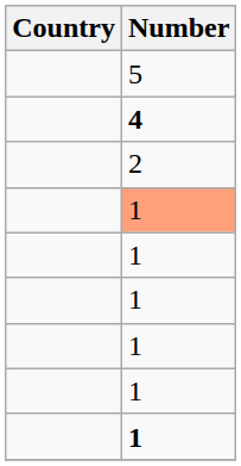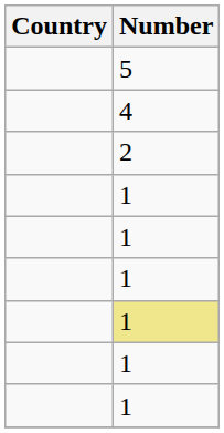 <table class="wikitable sortable">
 <tr>
 <th>Country</th>
 <th>Number</th>
 </tr>
 <tr>
 <td></td>
 <td>5</td>
 </tr>
 <tr>
 <td></td>
-<td><strong>4</strong></td>
+<td>4</td>
 </tr>
 <tr>
 <td></td>
 <td>2</td>
-</tr>
-<tr>
-<td></td>
-<td style="background: lightsalmon;">1</td>
 </tr>
 <tr>
 <td></td>
 <td>1</td>
 </tr>
 <tr>
 <td></td>
 <td>1</td>
 </tr>
 <tr>
 <td></td>
 <td>1</td>
 </tr>
 <tr>
 <td></td>
+<td style="background: khaki;">1</td>
+</tr>
+<tr>
+<td></td>
 <td>1</td>
 </tr>
 <tr>
 <td></td>
-<td><strong>1</strong></td>
+<td>1</td>
 </tr>
 <tr>
 </tr>
 </table>
